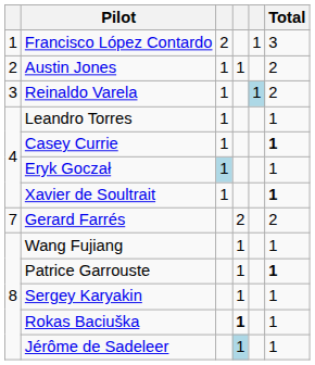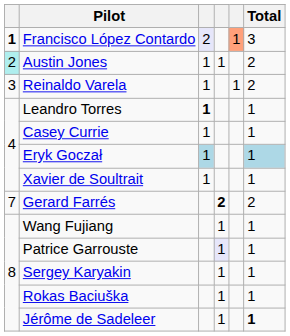 <table class="wikitable sortable">
 <tr>
 <th></th>
 <th>Pilot</th>
 <th></th>
 <th></th>
 <th></th>
 <th>Total</th>
 </tr>
 <tr>
-<td>1</td>
+<td><strong>1</strong></td>
 <td> <a href='#'>Francisco López Contardo</a></td>
-<td>2</td>
+<td style="background: lavender;">2</td>
 <td></td>
-<td>1</td>
+<td style="background: lightsalmon;">1</td>
 <td>3</td>
 </tr>
 <tr>
-<td>2</td>
+<td style="background: paleturquoise;">2</td>
 <td> <a href='#'>Austin Jones</a></td>
 <td>1</td>
 <td>1</td>
 <td></td>
 <td>2</td>
 </tr>
 <tr>
 <td>3</td>
 <td> <a href='#'>Reinaldo Varela</a></td>
 <td>1</td>
 <td></td>
-<td style="background: lightblue;">1</td>
+<td>1</td>
 <td>2</td>
 </tr>
 <tr>
 <td rowspan="4">4</td>
 <td> Leandro Torres</td>
-<td>1</td>
+<td><strong>1</strong></td>
 <td></td>
 <td></td>
 <td>1</td>
 </tr>
 <tr>
 <td> <a href='#'>Casey Currie</a></td>
 <td>1</td>
 <td></td>
 <td></td>
-<td><strong>1</strong></td>
+<td>1</td>
 </tr>
 <tr>
 <td> <a href='#'>Eryk Goczał</a></td>
 <td style="background: lightblue;">1</td>
 <td></td>
 <td></td>
-<td>1</td>
+<td style="background: lightblue;">1</td>
 </tr>
 <tr>
 <td> <a href='#'>Xavier de Soultrait</a></td>
 <td>1</td>
 <td></td>
 <td></td>
-<td><strong>1</strong></td>
+<td>1</td>
 </tr>
 <tr>
 <td>7</td>
 <td> <a href='#'>Gerard Farrés</a></td>
 <td></td>
-<td>2</td>
+<td><strong>2</strong></td>
 <td></td>
 <td>2</td>
 </tr>
 <tr>
 <td rowspan="5">8</td>
 <td> Wang Fujiang</td>
 <td></td>
 <td>1</td>
 <td></td>
 <td>1</td>
 </tr>
 <tr>
 <td> Patrice Garrouste</td>
 <td></td>
+<td style="background: lavender;">1</td>
+<td></td>
 <td>1</td>
-<td></td>
-<td><strong>1</strong></td>
 </tr>
 <tr>
 <td> <a href='#'>Sergey Karyakin</a></td>
 <td></td>
 <td>1</td>
 <td></td>
 <td>1</td>
 </tr>
 <tr>
 <td> <a href='#'>Rokas Baciuška</a></td>
 <td></td>
-<td><strong>1</strong></td>
+<td>1</td>
 <td></td>
 <td>1</td>
 </tr>
 <tr>
 <td> <a href='#'>Jérôme de Sadeleer</a></td>
 <td></td>
-<td style="background: lightblue;">1</td>
+<td>1</td>
 <td></td>
-<td>1</td>
+<td><strong>1</strong></td>
 </tr>
 </table>
